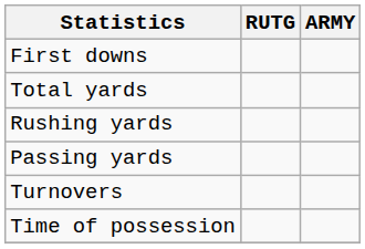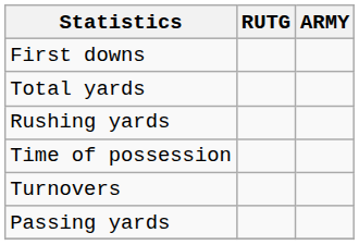 <table class="wikitable">
 <tr>
 <th>Statistics</th>
 <th>RUTG</th>
 <th>ARMY</th>
 </tr>
 <tr>
 <td>First downs</td>
 <td></td>
 <td></td>
 </tr>
 <tr>
 <td>Total yards</td>
 <td></td>
 <td></td>
 </tr>
 <tr>
 <td>Rushing yards</td>
 <td></td>
 <td></td>
 </tr>
 <tr>
-<td>Passing yards</td>
+<td>Time of possession</td>
 <td></td>
 <td></td>
 </tr>
 <tr>
 <td>Turnovers</td>
 <td></td>
 <td></td>
 </tr>
 <tr>
-<td>Time of possession</td>
+<td>Passing yards</td>
 <td></td>
 <td></td>
 </tr>
 <tr>
 </tr>
 </table>
